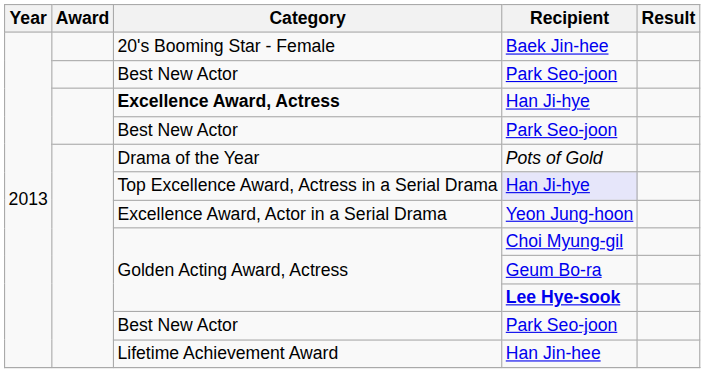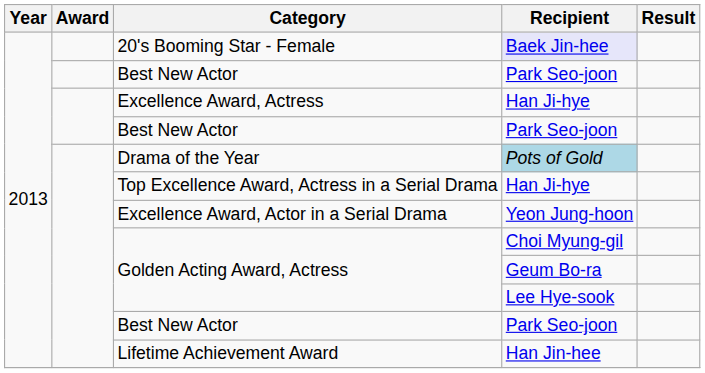 <table class="wikitable">
 <tr>
 <th>Year</th>
 <th>Award</th>
 <th>Category</th>
 <th>Recipient</th>
 <th>Result</th>
 </tr>
 <tr>
 <td rowspan=12>2013</td>
 <td></td>
 <td>20's Booming Star - Female</td>
-<td><a href='#'>Baek Jin-hee</a></td>
+<td style="background: lavender;"><a href='#'>Baek Jin-hee</a></td>
 <td></td>
 </tr>
 <tr>
 <td></td>
 <td>Best New Actor</td>
 <td><a href='#'>Park Seo-joon</a></td>
 <td></td>
 </tr>
 <tr>
 <td rowspan=2></td>
-<td><strong>Excellence Award, Actress</strong></td>
+<td>Excellence Award, Actress</td>
 <td><a href='#'>Han Ji-hye</a></td>
 <td></td>
 </tr>
 <tr>
 <td>Best New Actor</td>
 <td><a href='#'>Park Seo-joon</a></td>
 <td></td>
 </tr>
 <tr>
 <td rowspan=8></td>
 <td>Drama of the Year</td>
-<td><em>Pots of Gold</em></td>
+<td style="background: lightblue;"><em>Pots of Gold</em></td>
 <td></td>
 </tr>
 <tr>
 <td>Top Excellence Award, Actress in a Serial Drama</td>
-<td style="background: lavender;"><a href='#'>Han Ji-hye</a></td>
+<td><a href='#'>Han Ji-hye</a></td>
 <td></td>
 </tr>
 <tr>
 <td>Excellence Award, Actor in a Serial Drama</td>
 <td><a href='#'>Yeon Jung-hoon</a></td>
 <td></td>
 </tr>
 <tr>
 <td rowspan=3>Golden Acting Award, Actress</td>
 <td><a href='#'>Choi Myung-gil</a></td>
 <td></td>
 </tr>
 <tr>
 <td><a href='#'>Geum Bo-ra</a></td>
 <td></td>
 </tr>
 <tr>
-<td><strong><a href='#'>Lee Hye-sook</a></strong></td>
+<td><a href='#'>Lee Hye-sook</a></td>
 <td></td>
 </tr>
 <tr>
 <td>Best New Actor</td>
 <td><a href='#'>Park Seo-joon</a></td>
 <td></td>
 </tr>
 <tr>
 <td>Lifetime Achievement Award</td>
 <td><a href='#'>Han Jin-hee</a></td>
 <td></td>
 </tr>
 <tr>
 </tr>
 </table>
